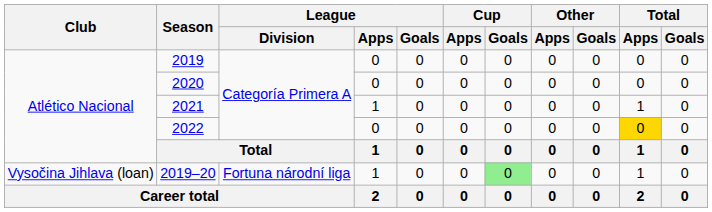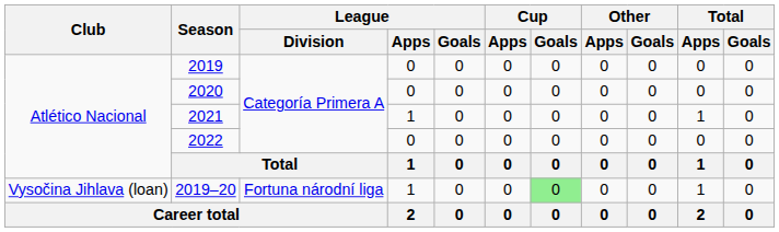 <table class="wikitable" style="text-align: center">
 <tr>
 <th rowspan="2">Club</th>
 <th rowspan="2">Season</th>
 <th colspan="3">League</th>
 <th colspan="2">Cup</th>
 <th colspan="2">Other</th>
 <th colspan="2">Total</th>
 </tr>
 <tr>
 <th>Division</th>
 <th>Apps</th>
 <th>Goals</th>
 <th>Apps</th>
 <th>Goals</th>
 <th>Apps</th>
 <th>Goals</th>
 <th>Apps</th>
 <th>Goals</th>
 </tr>
 <tr>
 <td rowspan="5"><a href='#'>Atlético Nacional</a></td>
 <td><a href='#'>2019</a></td>
 <td rowspan="4"><a href='#'>Categoría Primera A</a></td>
 <td>0</td>
 <td>0</td>
 <td>0</td>
 <td>0</td>
 <td>0</td>
 <td>0</td>
 <td>0</td>
 <td>0</td>
 </tr>
 <tr>
 <td><a href='#'>2020</a></td>
 <td>0</td>
 <td>0</td>
 <td>0</td>
 <td>0</td>
 <td>0</td>
 <td>0</td>
 <td>0</td>
 <td>0</td>
 </tr>
 <tr>
 <td><a href='#'>2021</a></td>
 <td>1</td>
 <td>0</td>
 <td>0</td>
 <td>0</td>
 <td>0</td>
 <td>0</td>
 <td>1</td>
 <td>0</td>
 </tr>
 <tr>
 <td><a href='#'>2022</a></td>
 <td>0</td>
 <td>0</td>
 <td>0</td>
 <td>0</td>
 <td>0</td>
 <td>0</td>
-<td style="background: gold;">0</td>
+<td>0</td>
 <td>0</td>
 </tr>
 <tr>
 <th colspan="2"><strong>Total</strong></th>
 <th>1</th>
 <th>0</th>
 <th>0</th>
 <th>0</th>
 <th>0</th>
 <th>0</th>
 <th>1</th>
 <th>0</th>
 </tr>
 <tr>
 <td><a href='#'>Vysočina Jihlava</a> (loan)</td>
 <td><a href='#'>2019–20</a></td>
 <td><a href='#'>Fortuna národní liga</a></td>
 <td>1</td>
 <td>0</td>
 <td>0</td>
 <td style="background: lightgreen;">0</td>
 <td>0</td>
 <td>0</td>
 <td>1</td>
 <td>0</td>
 </tr>
 <tr>
 <th colspan="3"><strong>Career total</strong></th>
 <th>2</th>
 <th>0</th>
 <th>0</th>
 <th>0</th>
 <th>0</th>
 <th>0</th>
 <th>2</th>
 <th>0</th>
 </tr>
 </table>
